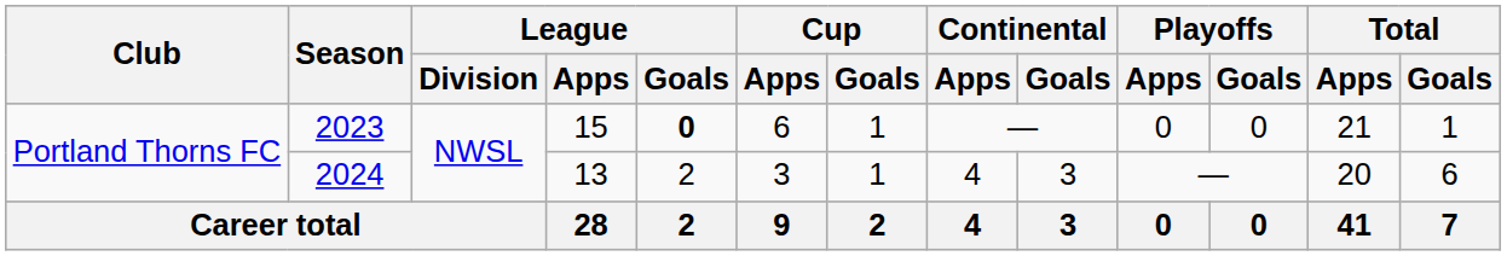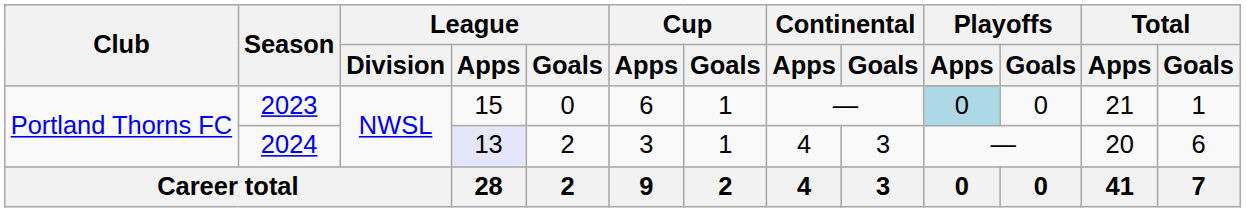 <table class="wikitable mw-collapsible" style="text-align: center;">
 <tr>
 <th rowspan="2">Club</th>
 <th rowspan="2">Season</th>
 <th colspan="3">League</th>
 <th colspan="2">Cup</th>
 <th colspan="2">Continental</th>
 <th colspan="2">Playoffs</th>
 <th colspan="2">Total</th>
 </tr>
 <tr>
 <th>Division</th>
 <th>Apps</th>
 <th>Goals</th>
 <th>Apps</th>
 <th>Goals</th>
 <th>Apps</th>
 <th>Goals</th>
 <th>Apps</th>
 <th>Goals</th>
 <th>Apps</th>
 <th>Goals</th>
 </tr>
 <tr>
 <td rowspan="2"><a href='#'>Portland Thorns FC</a></td>
 <td><a href='#'>2023</a></td>
 <td rowspan="2"><a href='#'>NWSL</a></td>
 <td>15</td>
-<td><strong>0</strong></td>
+<td>0</td>
 <td>6</td>
 <td>1</td>
 <td colspan="2">—</td>
-<td>0</td>
+<td style="background: lightblue;">0</td>
 <td>0</td>
 <td>21</td>
 <td>1</td>
 </tr>
 <tr>
 <td><a href='#'>2024</a></td>
-<td>13</td>
+<td style="background: lavender;">13</td>
 <td>2</td>
 <td>3</td>
 <td>1</td>
 <td>4</td>
 <td>3</td>
 <td colspan="2">—</td>
 <td>20</td>
 <td>6</td>
 </tr>
 <tr>
 <th colspan="3">Career total</th>
 <th>28</th>
 <th>2</th>
 <th>9</th>
 <th>2</th>
 <th>4</th>
 <th>3</th>
 <th>0</th>
 <th>0</th>
 <th>41</th>
 <th>7</th>
 </tr>
 </table>
